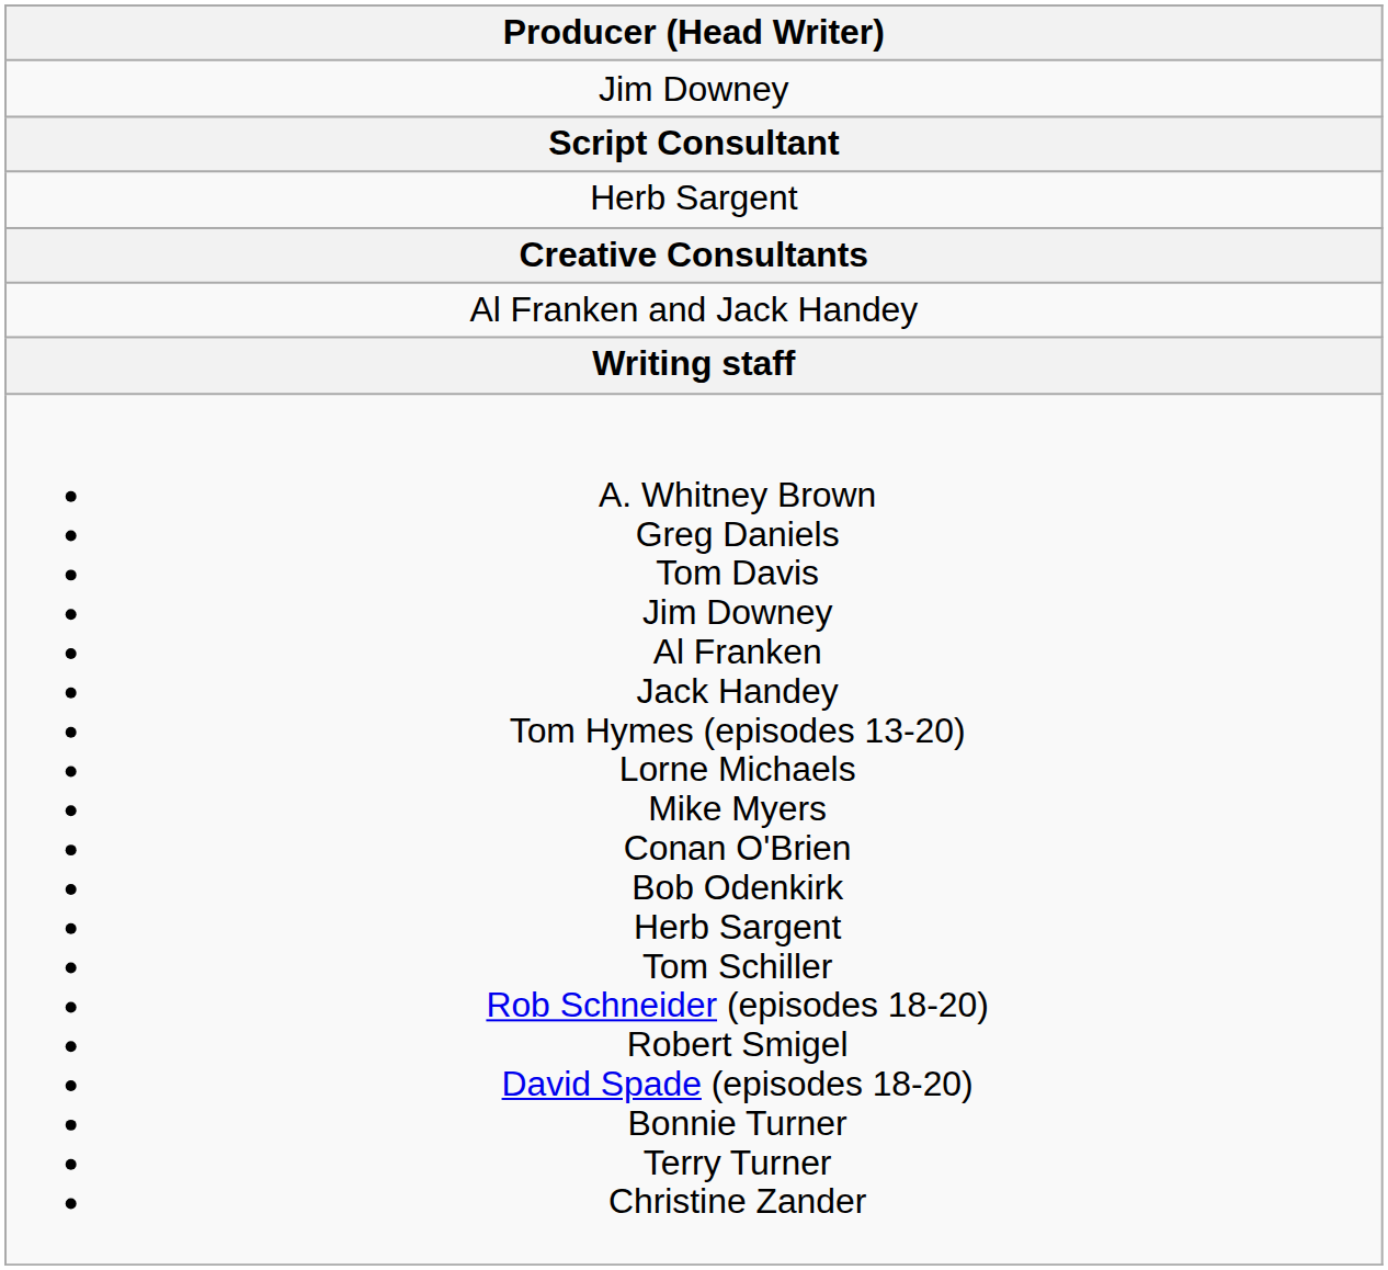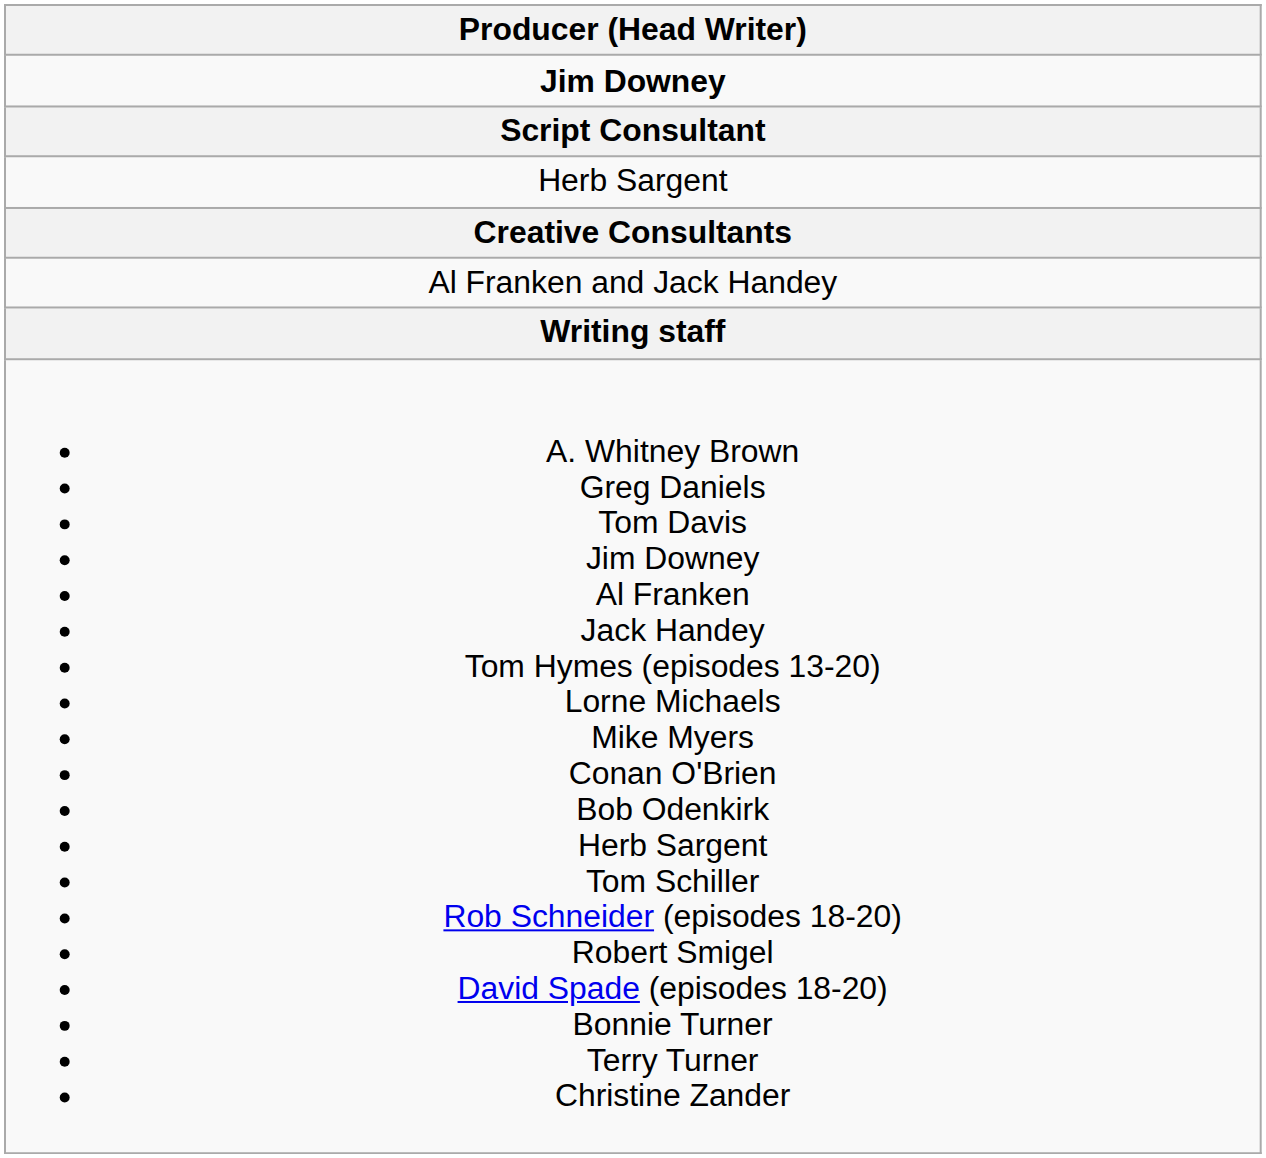 <table class="wikitable plainrowheaders"  style="text-align:center; width:50%;">
 <tr>
 <th><strong>Producer (Head Writer)</strong></th>
 </tr>
 <tr>
-<td>Jim Downey</td>
+<td><strong>Jim Downey</strong></td>
 </tr>
 <tr>
 <th><strong>Script Consultant</strong></th>
 </tr>
 <tr>
 <td>Herb Sargent</td>
 </tr>
 <tr>
 <th><strong>Creative Consultants</strong></th>
 </tr>
 <tr>
 <td>Al Franken and Jack Handey</td>
 </tr>
 <tr>
 <th><strong>Writing staff</strong></th>
 </tr>
 <tr>
 <td><br><ul><li>A. Whitney Brown</li><li>Greg Daniels</li><li>Tom Davis</li><li>Jim Downey</li><li>Al Franken</li><li>Jack Handey</li><li>Tom Hymes (episodes 13-20)</li><li>Lorne Michaels</li><li>Mike Myers</li><li>Conan O'Brien</li><li>Bob Odenkirk</li><li>Herb Sargent</li><li>Tom Schiller</li><li><a href='#'>Rob Schneider</a> (episodes 18-20)</li><li>Robert Smigel</li><li><a href='#'>David Spade</a> (episodes 18-20)</li><li>Bonnie Turner</li><li>Terry Turner</li><li>Christine Zander</li></ul></td>
 </tr>
 </table>
